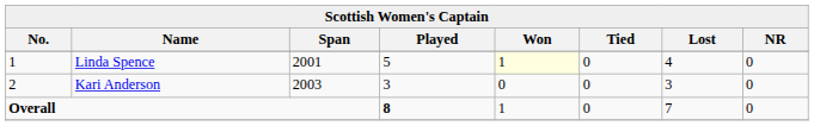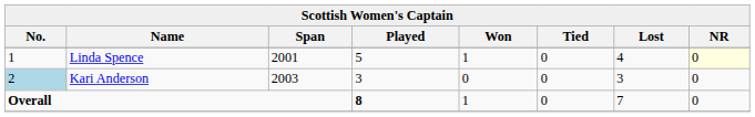 <table class="wikitable" style="width:70%;">
 <tr>
 <th style="background:#efefef;" colspan="9">Scottish Women's Captain</th>
 </tr>
 <tr style="background:#efefef;">
 <th>No.</th>
 <th>Name</th>
 <th>Span</th>
 <th>Played</th>
 <th>Won</th>
 <th>Tied</th>
 <th>Lost</th>
 <th>NR</th>
 </tr>
 <tr>
 </tr>
 <tr>
 <td>1</td>
 <td><a href='#'>Linda Spence</a></td>
 <td>2001</td>
 <td>5</td>
-<td style="background: lightyellow;">1</td>
+<td>1</td>
 <td>0</td>
 <td>4</td>
-<td>0</td>
+<td style="background: lightyellow;">0</td>
 </tr>
 <tr>
-<td>2</td>
+<td style="background: lightblue;">2</td>
 <td><a href='#'>Kari Anderson</a></td>
 <td>2003</td>
 <td>3</td>
 <td>0</td>
 <td>0</td>
 <td>3</td>
 <td>0</td>
 </tr>
 <tr>
 <td colspan=3><strong>Overall</strong></td>
 <td><strong>8<em></td>
 <td></strong>1<strong></td>
 <td></strong>0<strong></td>
 <td></strong>7<strong></td>
 <td></strong>0<strong></td>
 </tr>
 <tr>
 </tr>
 </table>
